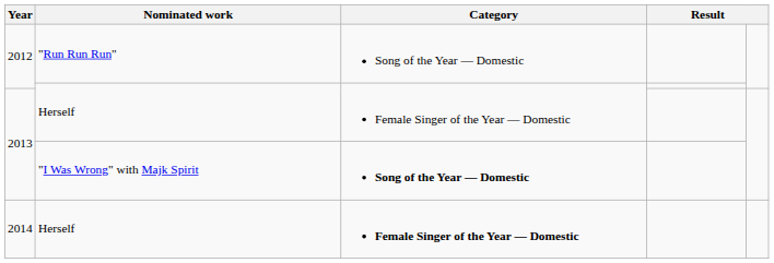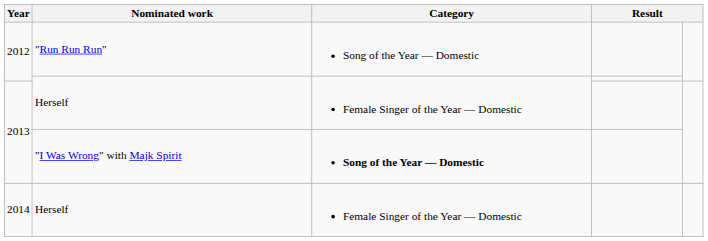 <table class=wikitable style=text-align:left;>
 <tr>
 <th width=4% align=center>Year</th>
 <th width=40%>Nominated work</th>
 <th width=40%>Category</th>
 <th width=16% colspan=2>Result</th>
 </tr>
 <tr>
 <td rowspan=2>2012</td>
 <td>"<a href='#'>Run Run Run</a>"</td>
 <td><br><ul><li>Song of the Year — Domestic</li></ul></td>
 <td></td>
 <td width=3% align=center rowspan=2></td>
 </tr>
 <tr>
 <td rowspan=2>Herself</td>
 <td rowspan=2><br><ul><li>Female Singer of the Year — Domestic</li></ul></td>
 <td></td>
 </tr>
 <tr>
 <td rowspan=2>2013</td>
 <td></td>
 <td width=3% align=center rowspan=2></td>
 </tr>
 <tr>
 <td>"<a href='#'>I Was Wrong</a>" with <a href='#'>Majk Spirit</a></td>
 <td><strong><br><ul><li>Song of the Year — Domestic</li></ul></strong></td>
 <td></td>
 </tr>
 <tr>
 <td>2014</td>
 <td>Herself</td>
-<td><strong><br><ul><li>Female Singer of the Year — Domestic</li></ul></strong></td>
+<td><br><ul><li>Female Singer of the Year — Domestic</li></ul></td>
 <td></td>
 <td width=3% align=center></td>
 </tr>
 </table>
